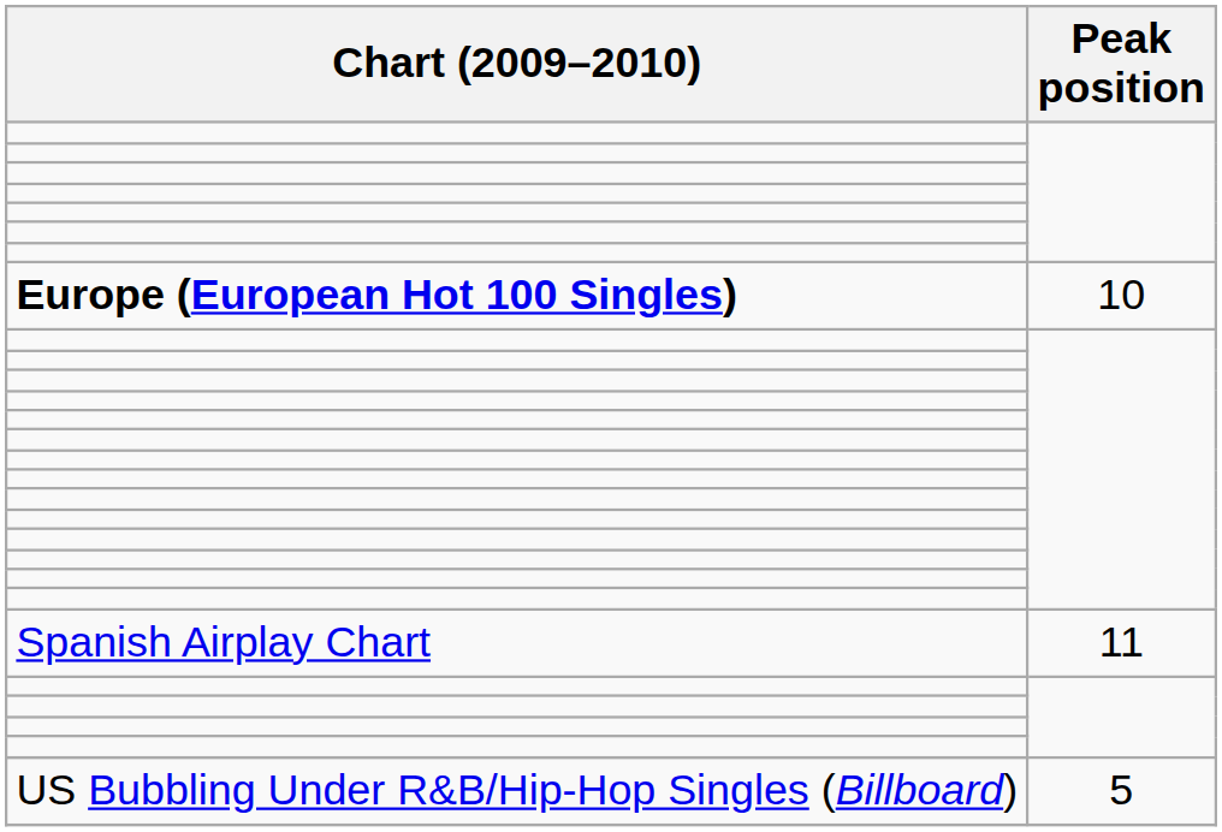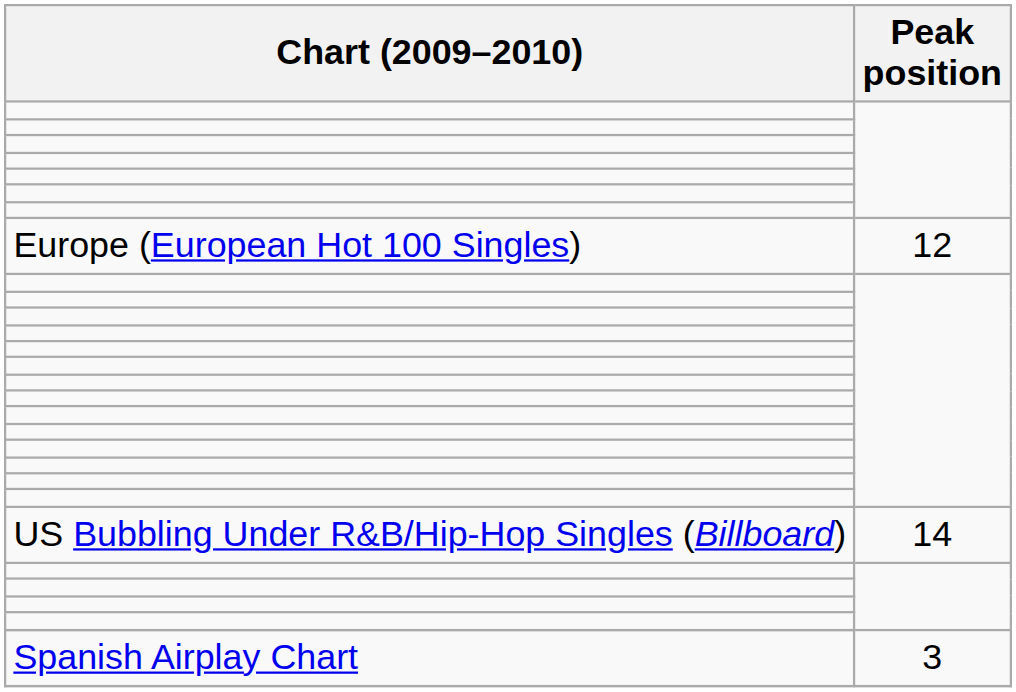 <table class="wikitable sortable">
 <tr>
 <th>Chart (2009–2010)</th>
 <th>Peak<br>position</th>
 </tr>
 <tr>
 <td></td>
 </tr>
 <tr>
 <td></td>
 </tr>
 <tr>
 <td></td>
 </tr>
 <tr>
 <td></td>
 </tr>
 <tr>
 <td></td>
 </tr>
 <tr>
 <td></td>
 </tr>
 <tr>
 <td></td>
 </tr>
 <tr>
-<td><strong>Europe (<a href='#'>European Hot 100 Singles</a>)</strong></td>
-<td style="text-align:center;">10</td>
+<td>Europe (<a href='#'>European Hot 100 Singles</a>)</td>
+<td style="text-align:center;">12</td>
 </tr>
 <tr>
 <td></td>
 </tr>
 <tr>
 <td></td>
 </tr>
 <tr>
 <td></td>
 </tr>
 <tr>
 <td></td>
 </tr>
 <tr>
 <td></td>
 </tr>
 <tr>
 <td></td>
 </tr>
 <tr>
 <td></td>
 </tr>
 <tr>
 <td></td>
 </tr>
 <tr>
 <td></td>
 </tr>
 <tr>
 <td></td>
 </tr>
 <tr>
 <td></td>
 </tr>
 <tr>
 <td></td>
 </tr>
 <tr>
 <td></td>
 </tr>
 <tr>
 <td></td>
 </tr>
 <tr>
-<td><a href='#'>Spanish Airplay Chart</a></td>
-<td style="text-align:center;">11</td>
+<td>US <a href='#'>Bubbling Under R&B/Hip-Hop Singles</a> (<em><a href='#'>Billboard</a></em>)</td>
+<td style="text-align:center;">14</td>
 </tr>
 <tr>
 <td></td>
 </tr>
 <tr>
 <td></td>
 </tr>
 <tr>
 <td></td>
 </tr>
 <tr>
 <td></td>
 </tr>
 <tr>
 </tr>
 <tr>
 </tr>
 <tr>
-<td>US <a href='#'>Bubbling Under R&B/Hip-Hop Singles</a> (<em><a href='#'>Billboard</a></em>)</td>
-<td style="text-align:center;">5</td>
+<td><a href='#'>Spanish Airplay Chart</a></td>
+<td style="text-align:center;">3</td>
 </tr>
 <tr>
 </tr>
 <tr>
 </tr>
 <tr>
 </tr>
 </table>
